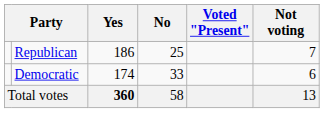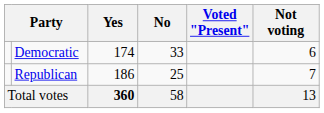 <table class="wikitable" style="margin-right: 1em; background: #f9f9f9; text-align: right;">
 <tr>
 <th colspan="2" scope="col" style="width: 90px">Party</th>
 <th scope="col" style="width: 50px">Yes</th>
 <th scope="col" style="width: 50px">No</th>
 <th scope="col" style="width: 50px"><a href='#'>Voted "Present"</a></th>
 <th scope="col" style="width: 70px">Not voting</th>
 </tr>
 <tr>
 <td scope="row" style="background-color:"></td>
+<td scope="row" style="text-align: left;"><a href='#'>Democratic</a></td>
+<td>174</td>
+<td>33</td>
+<td></td>
+<td>6</td>
+</tr>
+<tr>
+<td scope="row" style="background-color:"></td>
 <td scope="row" style="text-align: left;"><a href='#'>Republican</a></td>
 <td>186</td>
 <td>25</td>
 <td></td>
 <td>7</td>
-</tr>
-<tr>
-<td scope="row" style="background-color:"></td>
-<td scope="row" style="text-align: left;"><a href='#'>Democratic</a></td>
-<td>174</td>
-<td>33</td>
-<td></td>
-<td>6</td>
 </tr>
 <tr class="tfoot" style="background:#f2f2f2;">
 <td scope="row" colspan="2" style="text-align:left;">Total votes</td>
 <td><strong>360</strong></td>
 <td>58</td>
 <td></td>
 <td>13</td>
 </tr>
 </table>
